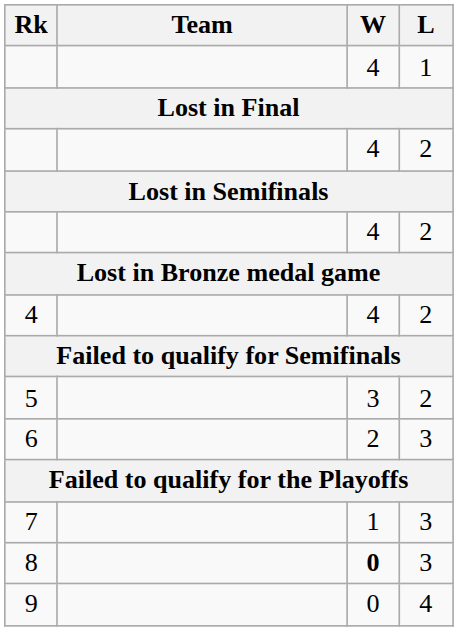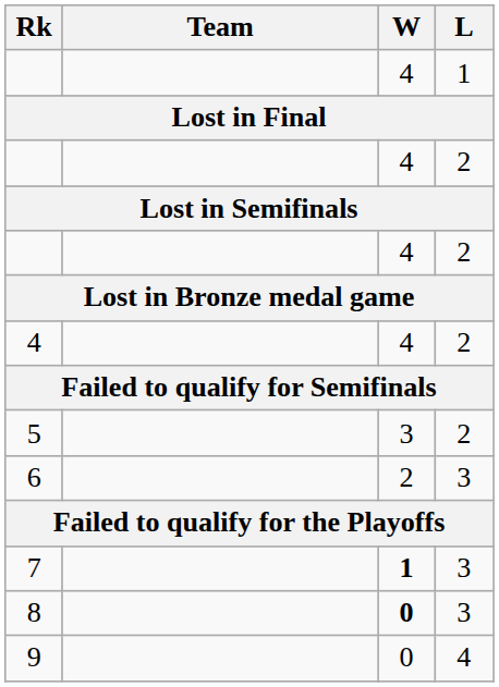 <table class=wikitable style=text-align:center>
 <tr>
 <th width=25>Rk</th>
 <th width=170>Team</th>
 <th width=25>W</th>
 <th width=25>L</th>
 </tr>
 <tr>
 <td></td>
 <td align=left></td>
 <td>4</td>
 <td>1</td>
 </tr>
 <tr>
 <th colspan="6">Lost in Final</th>
 </tr>
 <tr>
 <td></td>
 <td align=left></td>
 <td>4</td>
 <td>2</td>
 </tr>
 <tr>
 <th colspan="6">Lost in Semifinals</th>
 </tr>
 <tr>
 <td></td>
 <td align=left></td>
 <td>4</td>
 <td>2</td>
 </tr>
 <tr>
 <th colspan="6">Lost in Bronze medal game</th>
 </tr>
 <tr>
 <td>4</td>
 <td align=left></td>
 <td>4</td>
 <td>2</td>
 </tr>
 <tr>
 <th colspan="6">Failed to qualify for Semifinals</th>
 </tr>
 <tr>
 <td>5</td>
 <td align=left></td>
 <td>3</td>
 <td>2</td>
 </tr>
 <tr>
 <td>6</td>
 <td align=left></td>
 <td>2</td>
 <td>3</td>
 </tr>
 <tr>
 <th colspan="6">Failed to qualify for the Playoffs</th>
 </tr>
 <tr>
 <td>7</td>
 <td align=left></td>
-<td>1</td>
+<td><strong>1</strong></td>
 <td>3</td>
 </tr>
 <tr>
 <td>8</td>
 <td align=left></td>
 <td><strong>0</strong></td>
 <td>3</td>
 </tr>
 <tr>
 <td>9</td>
 <td align=left></td>
 <td>0</td>
 <td>4</td>
 </tr>
 </table>
